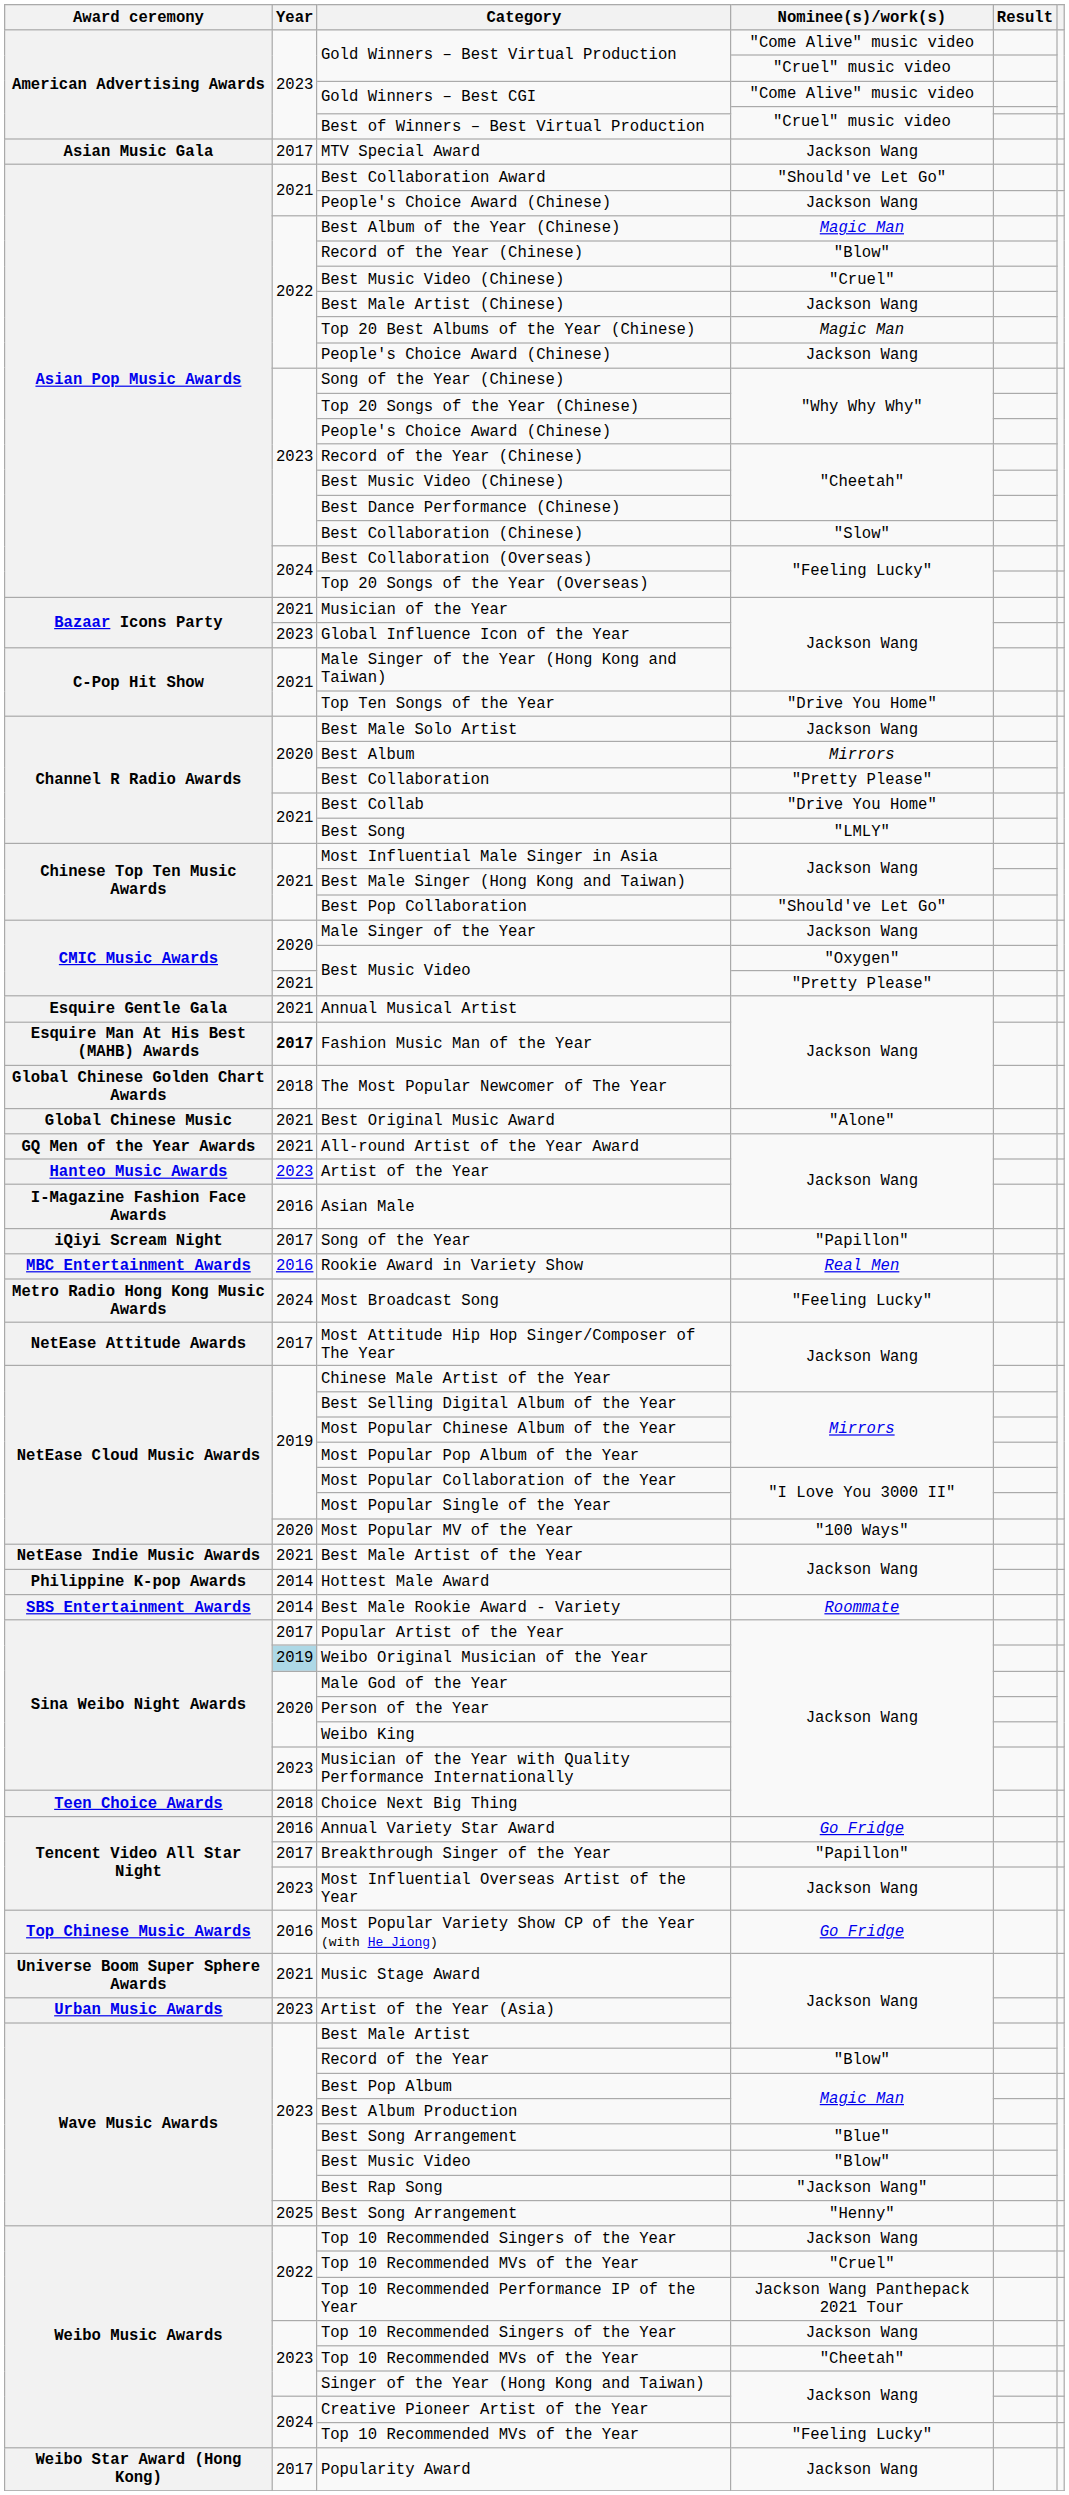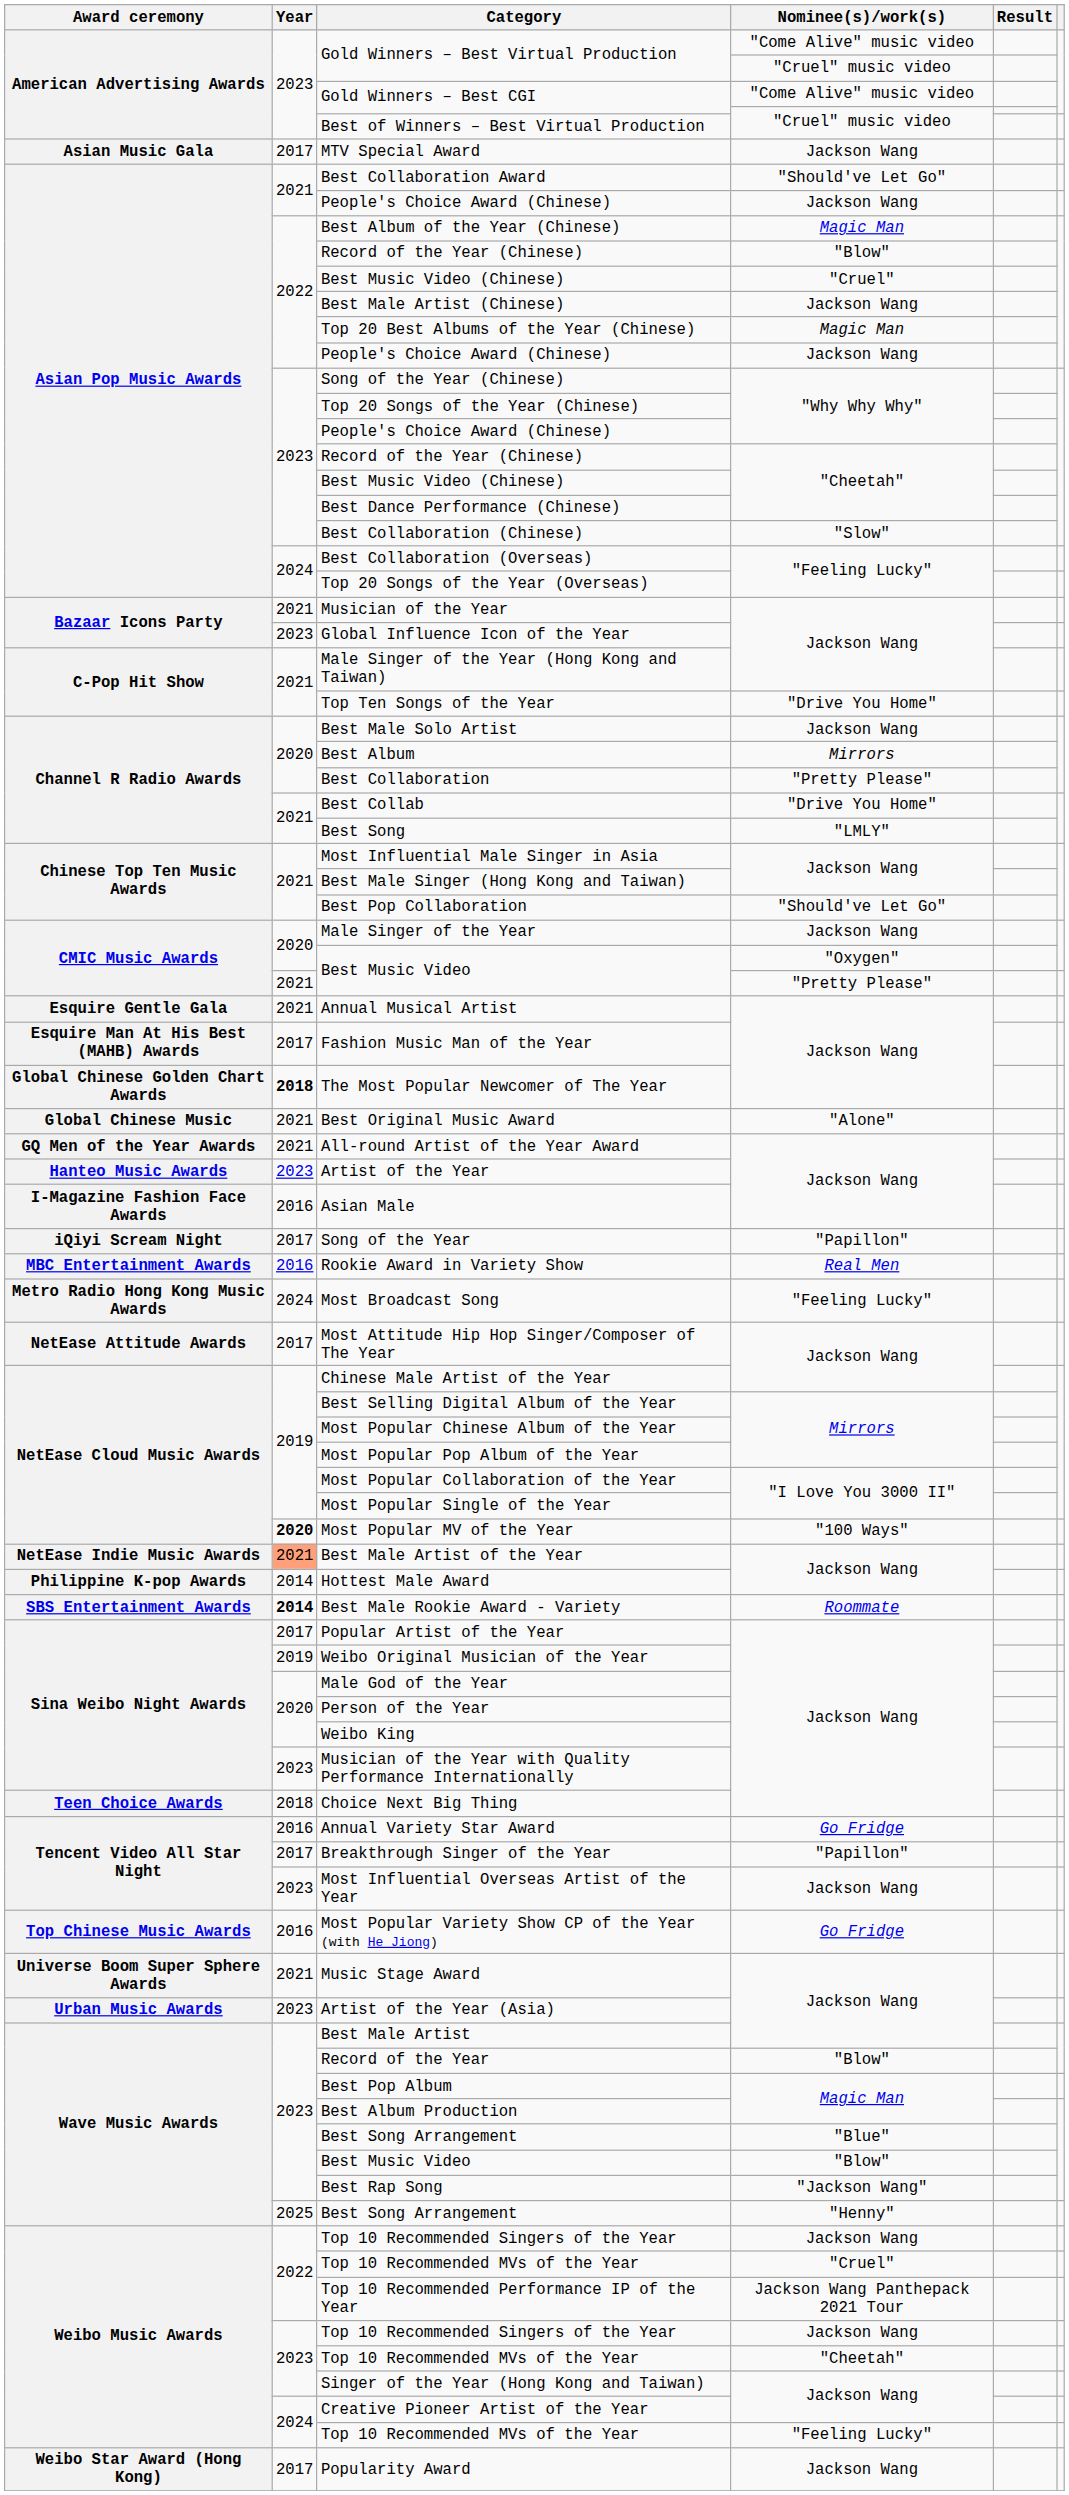 <table class="sortable wikitable plainrowheaders" width="100%">
 <tr style="background:#ccc; text-align:center;">
 <th scope="col">Award ceremony</th>
 <th scope="col">Year</th>
 <th scope="col">Category</th>
 <th scope="col">Nominee(s)/work(s)</th>
 <th scope="col">Result</th>
 <th scope="col" class="unsortable"></th>
 </tr>
 <tr>
 <th scope="row" rowspan="5">American Advertising Awards </th>
 <td style="text-align:center;" rowspan="5">2023</td>
 <td rowspan="2">Gold Winners – Best Virtual Production</td>
 <td style="text-align:center;">"Come Alive" music video</td>
 <td></td>
 <td rowspan="4" style="text-align:center;"></td>
 </tr>
 <tr>
 <td style="text-align:center;">"Cruel" music video</td>
 <td></td>
 </tr>
 <tr>
 <td rowspan="2">Gold Winners – Best CGI</td>
 <td style="text-align:center;">"Come Alive" music video</td>
 <td></td>
 </tr>
 <tr>
 <td style="text-align:center;" rowspan=2>"Cruel" music video</td>
 <td></td>
 </tr>
 <tr>
 <td>Best of Winners – Best Virtual Production</td>
 <td></td>
 <td style="text-align:center;"></td>
 </tr>
 <tr>
 <th scope="row">Asian Music Gala</th>
 <td style="text-align:center;">2017</td>
 <td>MTV Special Award</td>
 <td style="text-align:center;">Jackson Wang</td>
 <td></td>
 <td style="text-align:center;"></td>
 </tr>
 <tr>
 <th scope="row" rowspan="17"><a href='#'>Asian Pop Music Awards</a></th>
 <td style="text-align:center;" rowspan="2">2021</td>
 <td>Best Collaboration Award</td>
 <td style="text-align:center;">"Should've Let Go"</td>
 <td></td>
 <td style="text-align:center;"></td>
 </tr>
 <tr>
 <td>People's Choice Award (Chinese)</td>
 <td style="text-align:center;">Jackson Wang</td>
 <td></td>
 <td style="text-align:center;"></td>
 </tr>
 <tr>
 <td style="text-align:center;" rowspan="6">2022</td>
 <td>Best Album of the Year (Chinese)</td>
 <td style="text-align:center;"><em><a href='#'>Magic Man</a></em></td>
 <td></td>
 <td rowspan="6" style="text-align:center;"></td>
 </tr>
 <tr>
 <td>Record of the Year (Chinese)</td>
 <td style="text-align:center;">"Blow"</td>
 <td></td>
 </tr>
 <tr>
 <td>Best Music Video (Chinese)</td>
 <td style="text-align:center;">"Cruel"</td>
 <td></td>
 </tr>
 <tr>
 <td>Best Male Artist (Chinese)</td>
 <td style="text-align:center;">Jackson Wang</td>
 <td></td>
 </tr>
 <tr>
 <td>Top 20 Best Albums of the Year (Chinese)</td>
 <td style="text-align:center;"><em>Magic Man</em></td>
 <td></td>
 </tr>
 <tr>
 <td>People's Choice Award (Chinese)</td>
 <td style="text-align:center;">Jackson Wang</td>
 <td></td>
 </tr>
 <tr>
 <td style="text-align:center;" rowspan="7">2023</td>
 <td>Song of the Year (Chinese)</td>
 <td style="text-align:center;" rowspan=3>"Why Why Why"</td>
 <td></td>
 <td style="text-align:center;" rowspan="7"></td>
 </tr>
 <tr>
 <td>Top 20 Songs of the Year (Chinese)</td>
 <td></td>
 </tr>
 <tr>
 <td>People's Choice Award (Chinese)</td>
 <td></td>
 </tr>
 <tr>
 <td>Record of the Year (Chinese)</td>
 <td style="text-align:center;" rowspan=3>"Cheetah"</td>
 <td></td>
 </tr>
 <tr>
 <td>Best Music Video (Chinese)</td>
 <td></td>
 </tr>
 <tr>
 <td>Best Dance Performance (Chinese)</td>
 <td></td>
 </tr>
 <tr>
 <td>Best Collaboration (Chinese)</td>
 <td style="text-align:center;">"Slow"</td>
 <td></td>
 </tr>
 <tr>
 <td style="text-align:center;" rowspan=2>2024</td>
 <td>Best Collaboration (Overseas)</td>
 <td style="text-align:center;" rowspan=2>"Feeling Lucky"</td>
 <td></td>
 <td style="text-align:center;"></td>
 </tr>
 <tr>
 <td>Top 20 Songs of the Year (Overseas)</td>
 <td></td>
 <td style="text-align: center;"></td>
 </tr>
 <tr>
 <th rowspan="2" scope="row"><a href='#'>Bazaar</a> Icons Party </th>
 <td style="text-align:center;">2021</td>
 <td>Musician of the Year</td>
 <td style="text-align:center;" rowspan=3>Jackson Wang</td>
 <td></td>
 <td style="text-align:center;"></td>
 </tr>
 <tr>
 <td style="text-align:center;">2023</td>
 <td>Global Influence Icon of the Year</td>
 <td></td>
 <td style="text-align:center;"></td>
 </tr>
 <tr>
 <th rowspan="2" scope="row">C-Pop Hit Show </th>
 <td rowspan="2" style="text-align:center;">2021</td>
 <td>Male Singer of the Year (Hong Kong and Taiwan)</td>
 <td></td>
 <td style="text-align:center;"></td>
 </tr>
 <tr>
 <td>Top Ten Songs of the Year</td>
 <td style="text-align:center;">"Drive You Home"</td>
 <td></td>
 <td style="text-align:center;"></td>
 </tr>
 <tr>
 <th scope="row" rowspan="5">Channel R Radio Awards</th>
 <td style="text-align:center;" rowspan="3">2020</td>
 <td>Best Male Solo Artist</td>
 <td style="text-align:center;">Jackson Wang</td>
 <td></td>
 <td rowspan="3" style="text-align:center;"></td>
 </tr>
 <tr>
 <td>Best Album</td>
 <td style="text-align:center;"><em>Mirrors</em></td>
 <td></td>
 </tr>
 <tr>
 <td>Best Collaboration</td>
 <td style="text-align:center;">"Pretty Please"</td>
 <td></td>
 </tr>
 <tr>
 <td style="text-align:center;" rowspan="2">2021</td>
 <td>Best Collab</td>
 <td style="text-align:center;">"Drive You Home"</td>
 <td></td>
 <td rowspan="2" style="text-align:center;"></td>
 </tr>
 <tr>
 <td>Best Song</td>
 <td style="text-align:center;">"LMLY"</td>
 <td></td>
 </tr>
 <tr>
 <th scope="row" rowspan="3">Chinese Top Ten Music Awards</th>
 <td style="text-align:center;" rowspan="3">2021</td>
 <td>Most Influential Male Singer in Asia</td>
 <td style="text-align:center;" rowspan="2">Jackson Wang</td>
 <td></td>
 <td style="text-align:center;" rowspan="3"></td>
 </tr>
 <tr>
 <td>Best Male Singer (Hong Kong and Taiwan)</td>
 <td></td>
 </tr>
 <tr>
 <td>Best Pop Collaboration</td>
 <td style="text-align:center;">"Should've Let Go"</td>
 <td></td>
 </tr>
 <tr>
 <th scope="row" rowspan="3"><a href='#'>CMIC Music Awards</a></th>
 <td style="text-align:center;" rowspan="2">2020</td>
 <td>Male Singer of the Year</td>
 <td style="text-align:center;">Jackson Wang</td>
 <td></td>
 <td rowspan="2" style="text-align:center;"></td>
 </tr>
 <tr>
 <td rowspan="2">Best Music Video</td>
 <td style="text-align:center;">"Oxygen"</td>
 <td></td>
 </tr>
 <tr>
 <td style="text-align:center;">2021</td>
 <td style="text-align:center;">"Pretty Please"</td>
 <td></td>
 <td style="text-align:center;"></td>
 </tr>
 <tr>
 <th scope="row">Esquire Gentle Gala </th>
 <td style="text-align:center;">2021</td>
 <td>Annual Musical Artist</td>
 <td style="text-align:center;" rowspan="3">Jackson Wang</td>
 <td></td>
 <td style="text-align:center;"></td>
 </tr>
 <tr>
 <th scope="row">Esquire Man At His Best (MAHB) Awards</th>
-<td style="text-align:center;"><strong>2017</strong></td>
+<td style="text-align:center;">2017</td>
 <td>Fashion Music Man of the Year</td>
 <td></td>
 <td style="text-align:center;"></td>
 </tr>
 <tr>
 <th scope="row">Global Chinese Golden Chart Awards </th>
-<td style="text-align:center;">2018</td>
+<td style="text-align:center;"><strong>2018</strong></td>
 <td>The Most Popular Newcomer of The Year</td>
 <td></td>
 <td style="text-align:center;"></td>
 </tr>
 <tr>
 <th scope="row">Global Chinese Music</th>
 <td style="text-align:center;">2021</td>
 <td>Best Original Music Award</td>
 <td style="text-align:center;">"Alone"</td>
 <td></td>
 <td style="text-align:center;"></td>
 </tr>
 <tr>
 <th scope="row">GQ Men of the Year Awards</th>
 <td style="text-align:center;">2021</td>
 <td>All-round Artist of the Year Award</td>
 <td style="text-align:center;" rowspan="3">Jackson Wang</td>
 <td></td>
 <td style="text-align:center;"></td>
 </tr>
 <tr>
 <th scope="row"><a href='#'>Hanteo Music Awards</a> </th>
 <td style="text-align:center;"><a href='#'>2023</a></td>
 <td>Artist of the Year</td>
 <td></td>
 <td style="text-align:center;"></td>
 </tr>
 <tr>
 <th scope="row">I-Magazine Fashion Face Awards </th>
 <td style="text-align:center;">2016</td>
 <td>Asian Male</td>
 <td></td>
 <td style="text-align:center;"></td>
 </tr>
 <tr>
 <th scope="row">iQiyi Scream Night</th>
 <td style="text-align:center;">2017</td>
 <td>Song of the Year</td>
 <td style="text-align:center;">"Papillon"</td>
 <td></td>
 <td style="text-align:center;"></td>
 </tr>
 <tr>
 <th scope="row"><a href='#'>MBC Entertainment Awards</a> </th>
 <td style="text-align:center;"><a href='#'>2016</a></td>
 <td>Rookie Award in Variety Show</td>
 <td style="text-align:center;"><em><a href='#'>Real Men</a></em></td>
 <td></td>
 <td style="text-align:center;"></td>
 </tr>
 <tr>
 <th scope="row">Metro Radio Hong Kong Music Awards</th>
 <td style="text-align:center;">2024</td>
 <td>Most Broadcast Song</td>
 <td style="text-align:center;">"Feeling Lucky"</td>
 <td></td>
 <td style="text-align:center;"></td>
 </tr>
 <tr>
 <th scope="row">NetEase Attitude Awards </th>
 <td style="text-align:center;">2017</td>
 <td>Most Attitude Hip Hop Singer/Composer of The Year</td>
 <td style="text-align:center;" rowspan="2">Jackson Wang</td>
 <td></td>
 <td style="text-align:center;"></td>
 </tr>
 <tr>
 <th scope="row" rowspan="7">NetEase Cloud Music Awards</th>
 <td style="text-align:center;" rowspan="6">2019</td>
 <td>Chinese Male Artist of the Year</td>
 <td></td>
 <td rowspan="6" style="text-align:center;"></td>
 </tr>
 <tr>
 <td>Best Selling Digital Album of the Year</td>
 <td style="text-align:center;" rowspan="3"><em><a href='#'>Mirrors</a></em></td>
 <td></td>
 </tr>
 <tr>
 <td>Most Popular Chinese Album of the Year</td>
 <td></td>
 </tr>
 <tr>
 <td>Most Popular Pop Album of the Year</td>
 <td></td>
 </tr>
 <tr>
 <td>Most Popular Collaboration of the Year</td>
 <td style="text-align:center;" rowspan="2">"I Love You 3000 II"</td>
 <td></td>
 </tr>
 <tr>
 <td>Most Popular Single of the Year</td>
 <td></td>
 </tr>
 <tr>
-<td style="text-align:center;">2020</td>
+<td style="text-align:center;"><strong>2020</strong></td>
 <td>Most Popular MV of the Year</td>
 <td style="text-align:center;">"100 Ways"</td>
 <td></td>
 <td style="text-align:center;"></td>
 </tr>
 <tr>
 <th scope="row">NetEase Indie Music Awards</th>
-<td style="text-align:center;">2021</td>
+<td style="background: lightsalmon; text-align:center;">2021</td>
 <td>Best Male Artist of the Year</td>
 <td style="text-align:center;" rowspan="2">Jackson Wang</td>
 <td></td>
 <td style="text-align:center;"></td>
 </tr>
 <tr>
 <th scope="row">Philippine K-pop Awards </th>
 <td style="text-align:center;">2014</td>
 <td>Hottest Male Award</td>
 <td></td>
 <td style="text-align:center;"></td>
 </tr>
 <tr>
 <th scope="row"><a href='#'>SBS Entertainment Awards</a> </th>
-<td style="text-align:center;">2014</td>
+<td style="text-align:center;"><strong>2014</strong></td>
 <td>Best Male Rookie Award - Variety</td>
 <td style="text-align:center;"><em><a href='#'>Roommate</a></em></td>
 <td></td>
 <td style="text-align:center;"></td>
 </tr>
 <tr>
 <th scope="row" rowspan="6">Sina Weibo Night Awards</th>
 <td style="text-align:center;">2017</td>
 <td>Popular Artist of the Year</td>
 <td rowspan="7" style="text-align:center;">Jackson Wang</td>
 <td></td>
 <td style="text-align:center;"></td>
 </tr>
 <tr>
-<td style="background: lightblue; text-align:center;">2019</td>
+<td style="text-align:center;">2019</td>
 <td>Weibo Original Musician of the Year</td>
 <td></td>
 <td style="text-align:center;"></td>
 </tr>
 <tr>
 <td style="text-align:center;" rowspan="3">2020</td>
 <td>Male God of the Year</td>
 <td></td>
 <td rowspan="3" style="text-align:center;"></td>
 </tr>
 <tr>
 <td>Person of the Year</td>
 <td></td>
 </tr>
 <tr>
 <td>Weibo King</td>
 <td></td>
 </tr>
 <tr>
 <td style="text-align:center;">2023</td>
 <td>Musician of the Year with Quality Performance Internationally</td>
 <td></td>
 <td style="text-align:center;"></td>
 </tr>
 <tr>
 <th scope="row"><a href='#'>Teen Choice Awards</a> </th>
 <td style="text-align:center;">2018</td>
 <td>Choice Next Big Thing</td>
 <td></td>
 <td style="text-align:center;"></td>
 </tr>
 <tr>
 <th scope="row" rowspan="3">Tencent Video All Star Night</th>
 <td style="text-align:center;">2016</td>
 <td>Annual Variety Star Award</td>
 <td style="text-align:center;"><em><a href='#'>Go Fridge</a></em></td>
 <td></td>
 <td style="text-align:center;"></td>
 </tr>
 <tr>
 <td style="text-align:center;">2017</td>
 <td>Breakthrough Singer of the Year</td>
 <td style="text-align:center;">"Papillon"</td>
 <td></td>
 <td style="text-align:center;"></td>
 </tr>
 <tr>
 <td style="text-align:center;">2023</td>
 <td>Most Influential Overseas Artist of the Year</td>
 <td style="text-align:center;">Jackson Wang</td>
 <td></td>
 <td style="text-align:center;"></td>
 </tr>
 <tr>
 <th scope="row"><a href='#'>Top Chinese Music Awards</a></th>
 <td style="text-align:center;">2016</td>
 <td>Most Popular Variety Show CP of the Year <small>(with <a href='#'>He Jiong</a>)</small></td>
 <td style="text-align:center;"><em><a href='#'>Go Fridge</a></em></td>
 <td></td>
 <td style="text-align:center;"></td>
 </tr>
 <tr>
 <th scope="row">Universe Boom Super Sphere Awards </th>
 <td style="text-align:center;">2021</td>
 <td>Music Stage Award </td>
 <td rowspan="3" style="text-align:center;">Jackson Wang</td>
 <td></td>
 <td style="text-align:center;"></td>
 </tr>
 <tr>
 <th scope="row"><a href='#'>Urban Music Awards</a></th>
 <td style="text-align:center;">2023</td>
 <td>Artist of the Year (Asia)</td>
 <td></td>
 <td style="text-align:center;"></td>
 </tr>
 <tr>
 <th scope="row" rowspan=8>Wave Music Awards  </th>
 <td style="text-align:center;" rowspan=7>2023</td>
 <td>Best Male Artist</td>
 <td></td>
 <td style="text-align:center;" rowspan=2></td>
 </tr>
 <tr>
 <td>Record of the Year</td>
 <td style="text-align:center;">"Blow"</td>
 <td></td>
 </tr>
 <tr>
 <td>Best Pop Album</td>
 <td style="text-align:center;" rowspan=2><em><a href='#'>Magic Man</a></em></td>
 <td></td>
 <td style="text-align:center;"></td>
 </tr>
 <tr>
 <td>Best Album Production</td>
 <td></td>
 <td style="text-align:center;" rowspan=4></td>
 </tr>
 <tr>
 <td>Best Song Arrangement</td>
 <td style="text-align:center;">"Blue"</td>
 <td></td>
 </tr>
 <tr>
 <td>Best Music Video</td>
 <td style="text-align:center;">"Blow"</td>
 <td></td>
 </tr>
 <tr>
 <td>Best Rap Song</td>
 <td style="text-align:center;">"Jackson Wang"</td>
 <td></td>
 </tr>
 <tr>
 <td style="text-align:center;">2025</td>
 <td>Best Song Arrangement</td>
 <td style="text-align:center;">"Henny"</td>
 <td></td>
 <td style="text-align:center;"></td>
 </tr>
 <tr>
 <th rowspan="8" scope="row">Weibo Music Awards</th>
 <td style="text-align:center;" rowspan="3">2022</td>
 <td>Top 10 Recommended Singers of the Year</td>
 <td style="text-align:center;">Jackson Wang</td>
 <td></td>
 <td style="text-align:center;"></td>
 </tr>
 <tr>
 <td>Top 10 Recommended MVs of the Year</td>
 <td style="text-align:center;">"Cruel"</td>
 <td></td>
 <td style="text-align:center;"></td>
 </tr>
 <tr>
 <td>Top 10 Recommended Performance IP of the Year</td>
 <td style="text-align:center;">Jackson Wang Panthepack 2021 Tour</td>
 <td></td>
 <td style="text-align:center;"></td>
 </tr>
 <tr>
 <td style="text-align:center;" rowspan="3">2023</td>
 <td>Top 10 Recommended Singers of the Year</td>
 <td style="text-align:center;">Jackson Wang</td>
 <td></td>
 <td style="text-align:center;"></td>
 </tr>
 <tr>
 <td>Top 10 Recommended MVs of the Year</td>
 <td style="text-align:center;">"Cheetah"</td>
 <td></td>
 <td style="text-align:center;"></td>
 </tr>
 <tr>
 <td>Singer of the Year (Hong Kong and Taiwan)</td>
 <td style="text-align:center;" rowspan=2>Jackson Wang</td>
 <td></td>
 <td style="text-align:center;"></td>
 </tr>
 <tr>
 <td style="text-align:center;" rowspan=2>2024</td>
 <td>Creative Pioneer Artist of the Year</td>
 <td></td>
 <td style="text-align:center;"></td>
 </tr>
 <tr>
 <td>Top 10 Recommended MVs of the Year</td>
 <td style="text-align:center;">"Feeling Lucky"</td>
 <td></td>
 <td style="text-align:center;"></td>
 </tr>
 <tr>
 <th scope="row">Weibo Star Award (Hong Kong)</th>
 <td style="text-align:center;">2017</td>
 <td>Popularity Award</td>
 <td style="text-align:center;">Jackson Wang</td>
 <td></td>
 <td style="text-align:center;"></td>
 </tr>
 <tr>
 </tr>
 </table>
